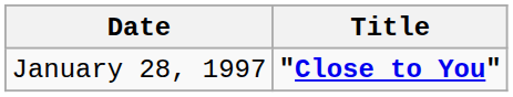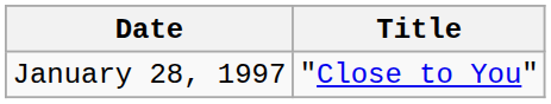 <table class="wikitable">
 <tr>
 <th>Date</th>
 <th>Title</th>
 </tr>
 <tr>
 <td>January 28, 1997</td>
-<td><strong>"<a href='#'>Close to You</a>"</strong></td>
+<td>"<a href='#'>Close to You</a>"</td>
 </tr>
 </table>
